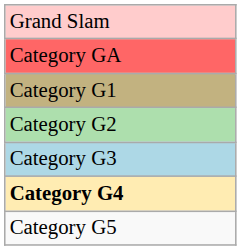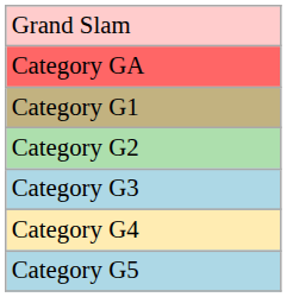 <table class="wikitable" style="font-size:85%;" width=12%>
 <tr bgcolor=#ffcccc>
 <td>Grand Slam</td>
 </tr>
 <tr bgcolor=#FF6666>
 <td>Category GA</td>
 </tr>
 <tr bgcolor=#C2B280>
 <td>Category G1</td>
 </tr>
 <tr bgcolor="#ADDFAD">
 <td>Category G2</td>
 </tr>
 <tr bgcolor="lightblue">
 <td>Category G3</td>
 </tr>
 <tr bgcolor=#ffecb2>
-<td><strong>Category G4</strong></td>
+<td>Category G4</td>
 </tr>
 <tr>
-<td>Category G5</td>
+<td style="background: lightblue;">Category G5</td>
 </tr>
 </table>
